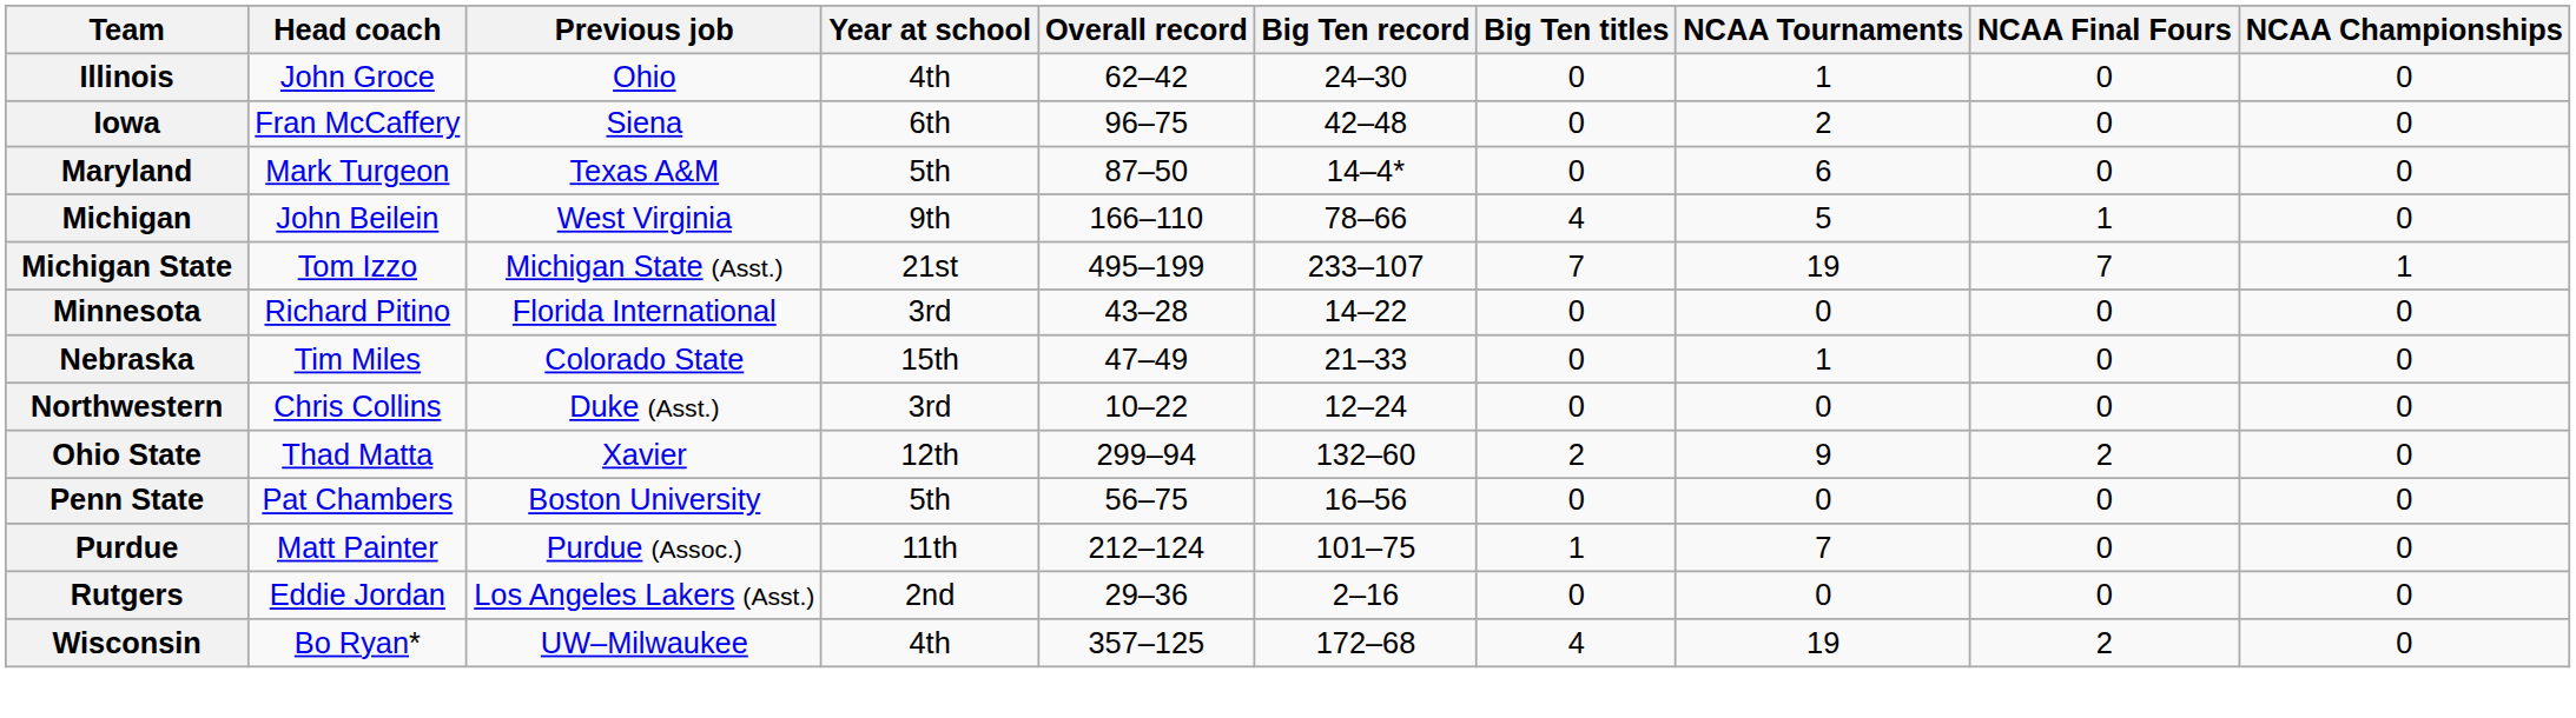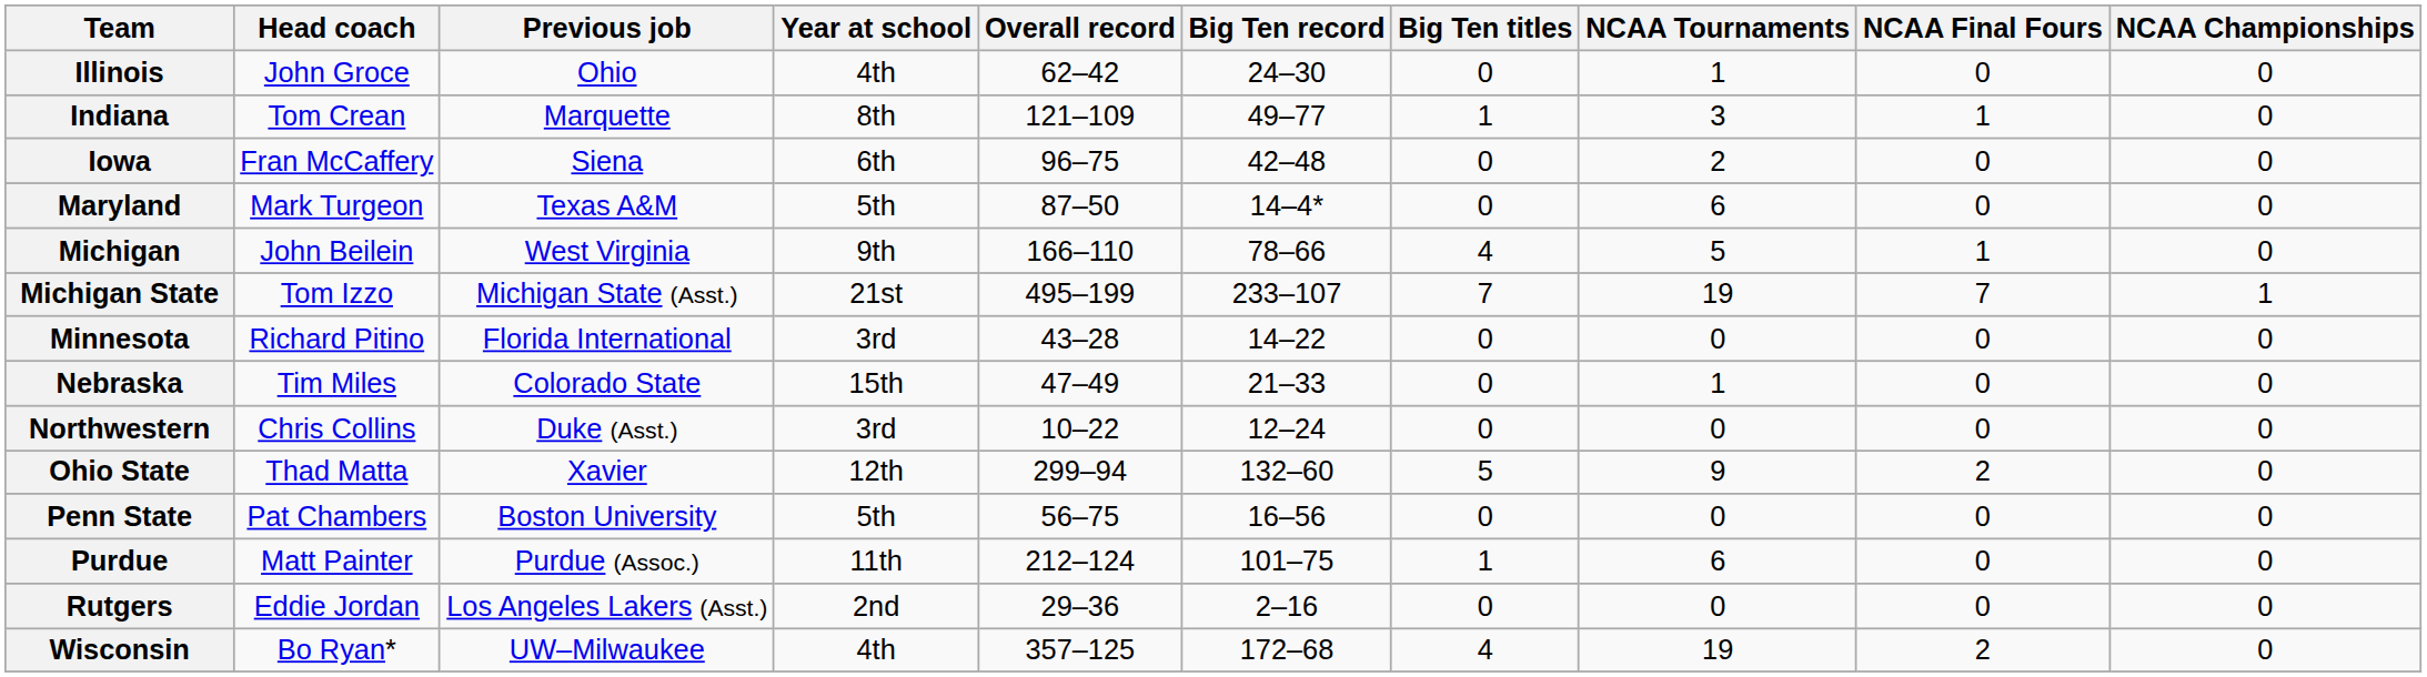 <table class="wikitable sortable" style="text-align: center;font-size:90%;">
 <tr>
 <th width="110">Team</th>
 <th>Head coach</th>
 <th>Previous job</th>
 <th>Year at school</th>
 <th>Overall record</th>
 <th>Big Ten record</th>
 <th>Big Ten titles</th>
 <th>NCAA Tournaments</th>
 <th>NCAA Final Fours</th>
 <th>NCAA Championships</th>
 </tr>
 <tr>
 <th style="background:#">Illinois</th>
 <td><a href='#'>John Groce</a></td>
 <td><a href='#'>Ohio</a></td>
 <td>4th</td>
 <td>62–42</td>
 <td>24–30</td>
 <td>0</td>
 <td>1</td>
 <td>0</td>
+<td>0</td>
+</tr>
+<tr>
+<th style=>Indiana</th>
+<td><a href='#'>Tom Crean</a></td>
+<td><a href='#'>Marquette</a></td>
+<td>8th</td>
+<td>121–109</td>
+<td>49–77</td>
+<td>1</td>
+<td>3</td>
+<td>1</td>
 <td>0</td>
 </tr>
 <tr>
 <th style=>Iowa</th>
 <td><a href='#'>Fran McCaffery</a></td>
 <td><a href='#'>Siena</a></td>
 <td>6th</td>
 <td>96–75</td>
 <td>42–48</td>
 <td>0</td>
 <td>2</td>
 <td>0</td>
 <td>0</td>
 </tr>
 <tr>
 <th style=>Maryland</th>
 <td><a href='#'>Mark Turgeon</a></td>
 <td><a href='#'>Texas A&M</a></td>
 <td>5th</td>
 <td>87–50</td>
 <td>14–4*</td>
 <td>0</td>
 <td>6</td>
 <td>0</td>
 <td>0</td>
 </tr>
 <tr>
 <th style=>Michigan</th>
 <td><a href='#'>John Beilein</a></td>
 <td><a href='#'>West Virginia</a></td>
 <td>9th</td>
 <td>166–110</td>
 <td>78–66</td>
 <td>4</td>
 <td>5</td>
 <td>1</td>
 <td>0</td>
 </tr>
 <tr>
 <th style=>Michigan State</th>
 <td><a href='#'>Tom Izzo</a></td>
 <td><a href='#'>Michigan State</a> <small>(Asst.)</small></td>
 <td>21st</td>
 <td>495–199</td>
 <td>233–107</td>
 <td>7</td>
 <td>19</td>
 <td>7</td>
 <td>1</td>
 </tr>
 <tr>
 <th style=>Minnesota</th>
 <td><a href='#'>Richard Pitino</a></td>
 <td><a href='#'>Florida International</a></td>
 <td>3rd</td>
 <td>43–28</td>
 <td>14–22</td>
 <td>0</td>
 <td>0</td>
 <td>0</td>
 <td>0</td>
 </tr>
 <tr>
 <th style=>Nebraska</th>
 <td><a href='#'>Tim Miles</a></td>
 <td><a href='#'>Colorado State</a></td>
 <td>15th</td>
 <td>47–49</td>
 <td>21–33</td>
 <td>0</td>
 <td>1</td>
 <td>0</td>
 <td>0</td>
 </tr>
 <tr>
 <th style=>Northwestern</th>
 <td><a href='#'>Chris Collins</a></td>
 <td><a href='#'>Duke</a> <small>(Asst.)</small></td>
 <td>3rd</td>
 <td>10–22</td>
 <td>12–24</td>
 <td>0</td>
 <td>0</td>
 <td>0</td>
 <td>0</td>
 </tr>
 <tr>
 <th style=>Ohio State</th>
 <td><a href='#'>Thad Matta</a></td>
 <td><a href='#'>Xavier</a></td>
 <td>12th</td>
 <td>299–94</td>
 <td>132–60</td>
-<td>2</td>
+<td>5</td>
 <td>9</td>
 <td>2</td>
 <td>0</td>
 </tr>
 <tr>
 <th style=>Penn State</th>
 <td><a href='#'>Pat Chambers</a></td>
 <td><a href='#'>Boston University</a></td>
 <td>5th</td>
 <td>56–75</td>
 <td>16–56</td>
 <td>0</td>
 <td>0</td>
 <td>0</td>
 <td>0</td>
 </tr>
 <tr>
 <th style=>Purdue</th>
 <td><a href='#'>Matt Painter</a></td>
 <td><a href='#'>Purdue</a> <small>(Assoc.)</small></td>
 <td>11th</td>
 <td>212–124</td>
 <td>101–75</td>
 <td>1</td>
-<td>7</td>
+<td>6</td>
 <td>0</td>
 <td>0</td>
 </tr>
 <tr>
 <th style=>Rutgers</th>
 <td><a href='#'>Eddie Jordan</a></td>
 <td><a href='#'>Los Angeles Lakers</a> <small>(Asst.)</small></td>
 <td>2nd</td>
 <td>29–36</td>
 <td>2–16</td>
 <td>0</td>
 <td>0</td>
 <td>0</td>
 <td>0</td>
 </tr>
 <tr>
 <th style=>Wisconsin</th>
 <td><a href='#'>Bo Ryan</a>*</td>
 <td><a href='#'>UW–Milwaukee</a></td>
 <td>4th</td>
 <td>357–125</td>
 <td>172–68</td>
 <td>4</td>
 <td>19</td>
 <td>2</td>
 <td>0</td>
 </tr>
 </table>
